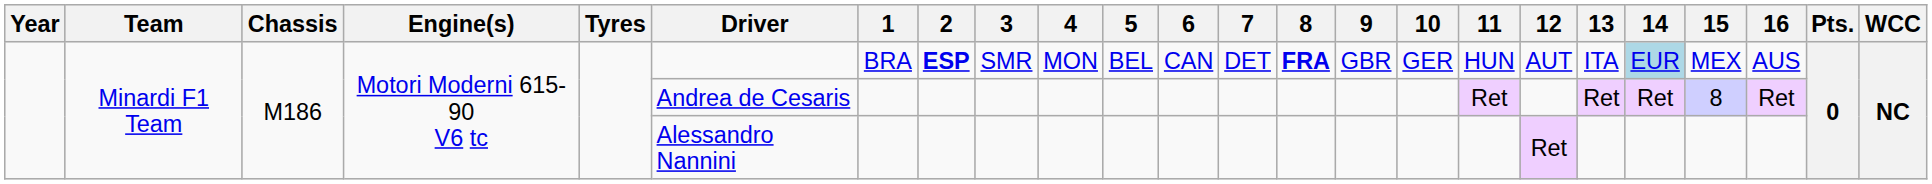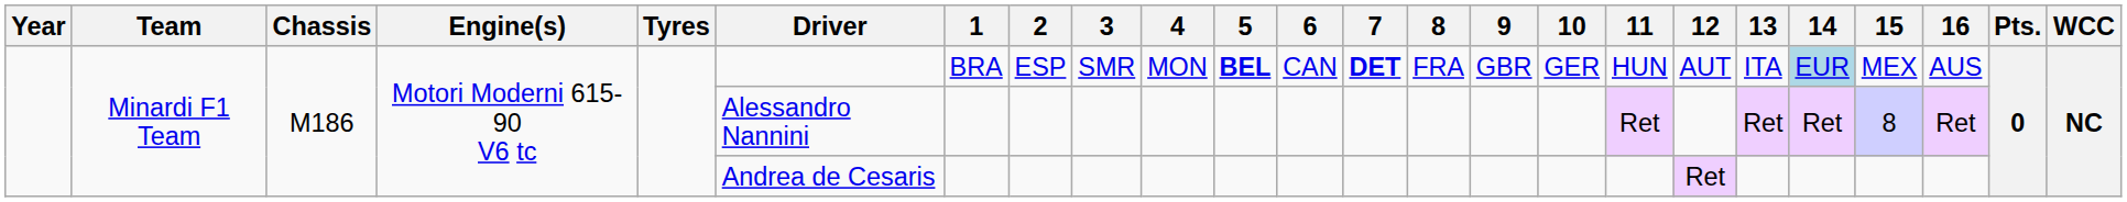 <table class="wikitable" style="text-align:center; font-size:95%">
 <tr>
 <th>Year</th>
 <th>Team</th>
 <th>Chassis</th>
 <th>Engine(s)</th>
 <th>Tyres</th>
 <th>Driver</th>
 <th>1</th>
 <th>2</th>
 <th>3</th>
 <th>4</th>
 <th>5</th>
 <th>6</th>
 <th>7</th>
 <th>8</th>
 <th>9</th>
 <th>10</th>
 <th>11</th>
 <th>12</th>
 <th>13</th>
 <th>14</th>
 <th>15</th>
 <th>16</th>
 <th>Pts.</th>
 <th>WCC</th>
 </tr>
 <tr>
 <td rowspan=3></td>
 <td rowspan=3><a href='#'>Minardi F1 Team</a></td>
 <td rowspan=3>M186</td>
 <td rowspan=3><a href='#'>Motori Moderni</a> 615-90<br><a href='#'>V6</a> <a href='#'>tc</a></td>
 <td rowspan=3></td>
 <td></td>
 <td><a href='#'>BRA</a></td>
-<td><strong><a href='#'>ESP</a></strong></td>
+<td><a href='#'>ESP</a></td>
 <td><a href='#'>SMR</a></td>
 <td><a href='#'>MON</a></td>
-<td><a href='#'>BEL</a></td>
+<td><strong><a href='#'>BEL</a></strong></td>
 <td><a href='#'>CAN</a></td>
-<td><a href='#'>DET</a></td>
-<td><strong><a href='#'>FRA</a></strong></td>
+<td><strong><a href='#'>DET</a></strong></td>
+<td><a href='#'>FRA</a></td>
 <td><a href='#'>GBR</a></td>
 <td><a href='#'>GER</a></td>
 <td><a href='#'>HUN</a></td>
 <td><a href='#'>AUT</a></td>
 <td><a href='#'>ITA</a></td>
 <td style="background: lightblue;"><a href='#'>EUR</a></td>
 <td><a href='#'>MEX</a></td>
 <td><a href='#'>AUS</a></td>
 <th rowspan=3>0</th>
 <th rowspan=3>NC</th>
 </tr>
 <tr>
-<td align="left"> <a href='#'>Andrea de Cesaris</a></td>
+<td align="left"> <a href='#'>Alessandro Nannini</a></td>
 <td></td>
 <td></td>
 <td></td>
 <td></td>
 <td></td>
 <td></td>
 <td></td>
 <td></td>
 <td></td>
 <td></td>
 <td style="background:#EFCFFF;">Ret</td>
 <td></td>
 <td style="background:#EFCFFF;">Ret</td>
 <td style="background:#EFCFFF;">Ret</td>
 <td style="background:#CFCFFF;">8</td>
 <td style="background:#EFCFFF;">Ret</td>
 </tr>
 <tr>
-<td align="left"> <a href='#'>Alessandro Nannini</a></td>
+<td align="left"> <a href='#'>Andrea de Cesaris</a></td>
 <td></td>
 <td></td>
 <td></td>
 <td></td>
 <td></td>
 <td></td>
 <td></td>
 <td></td>
 <td></td>
 <td></td>
 <td></td>
 <td style="background:#EFCFFF;">Ret</td>
 <td></td>
 <td></td>
 <td></td>
 <td></td>
 </tr>
 </table>
